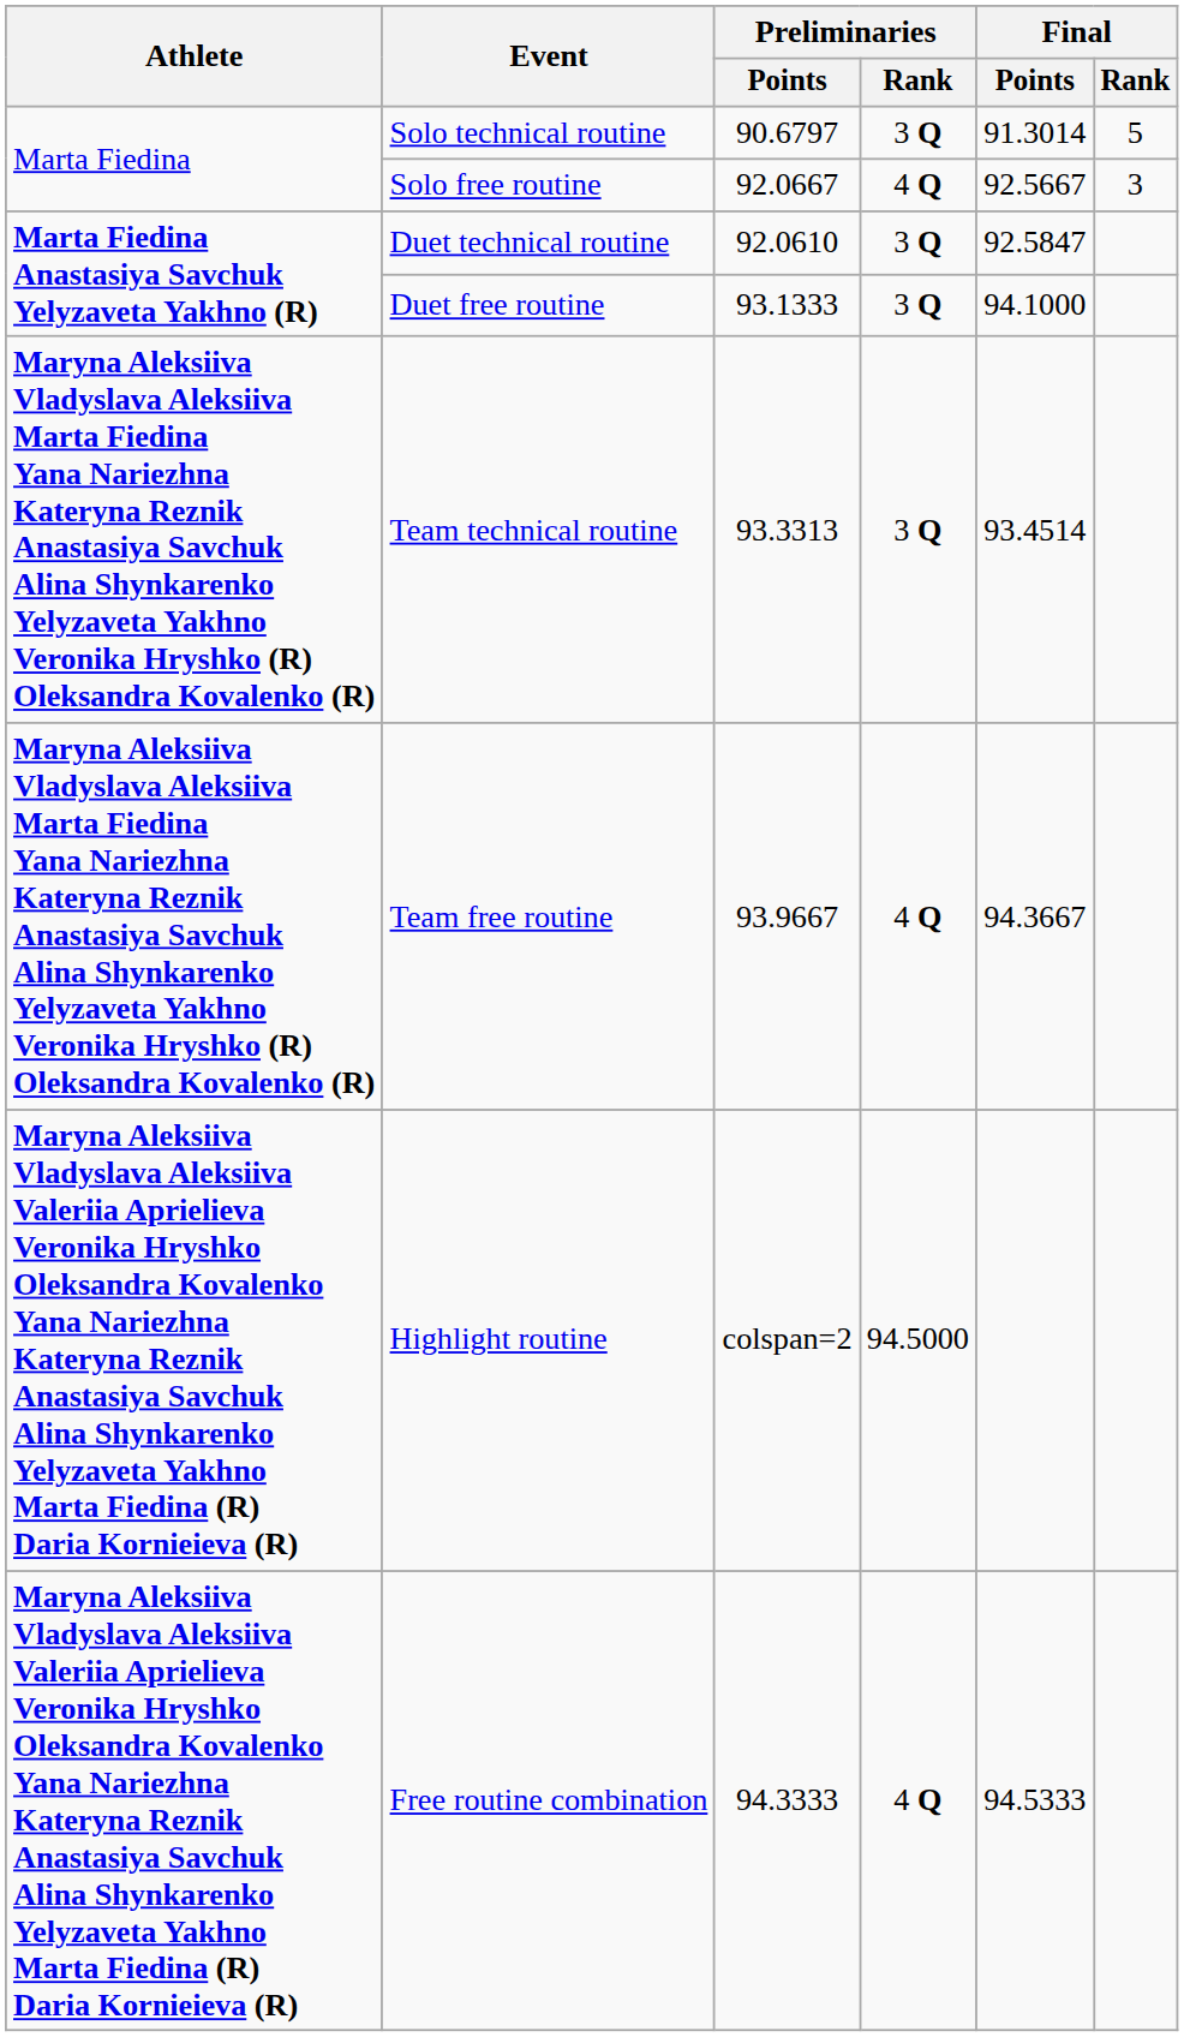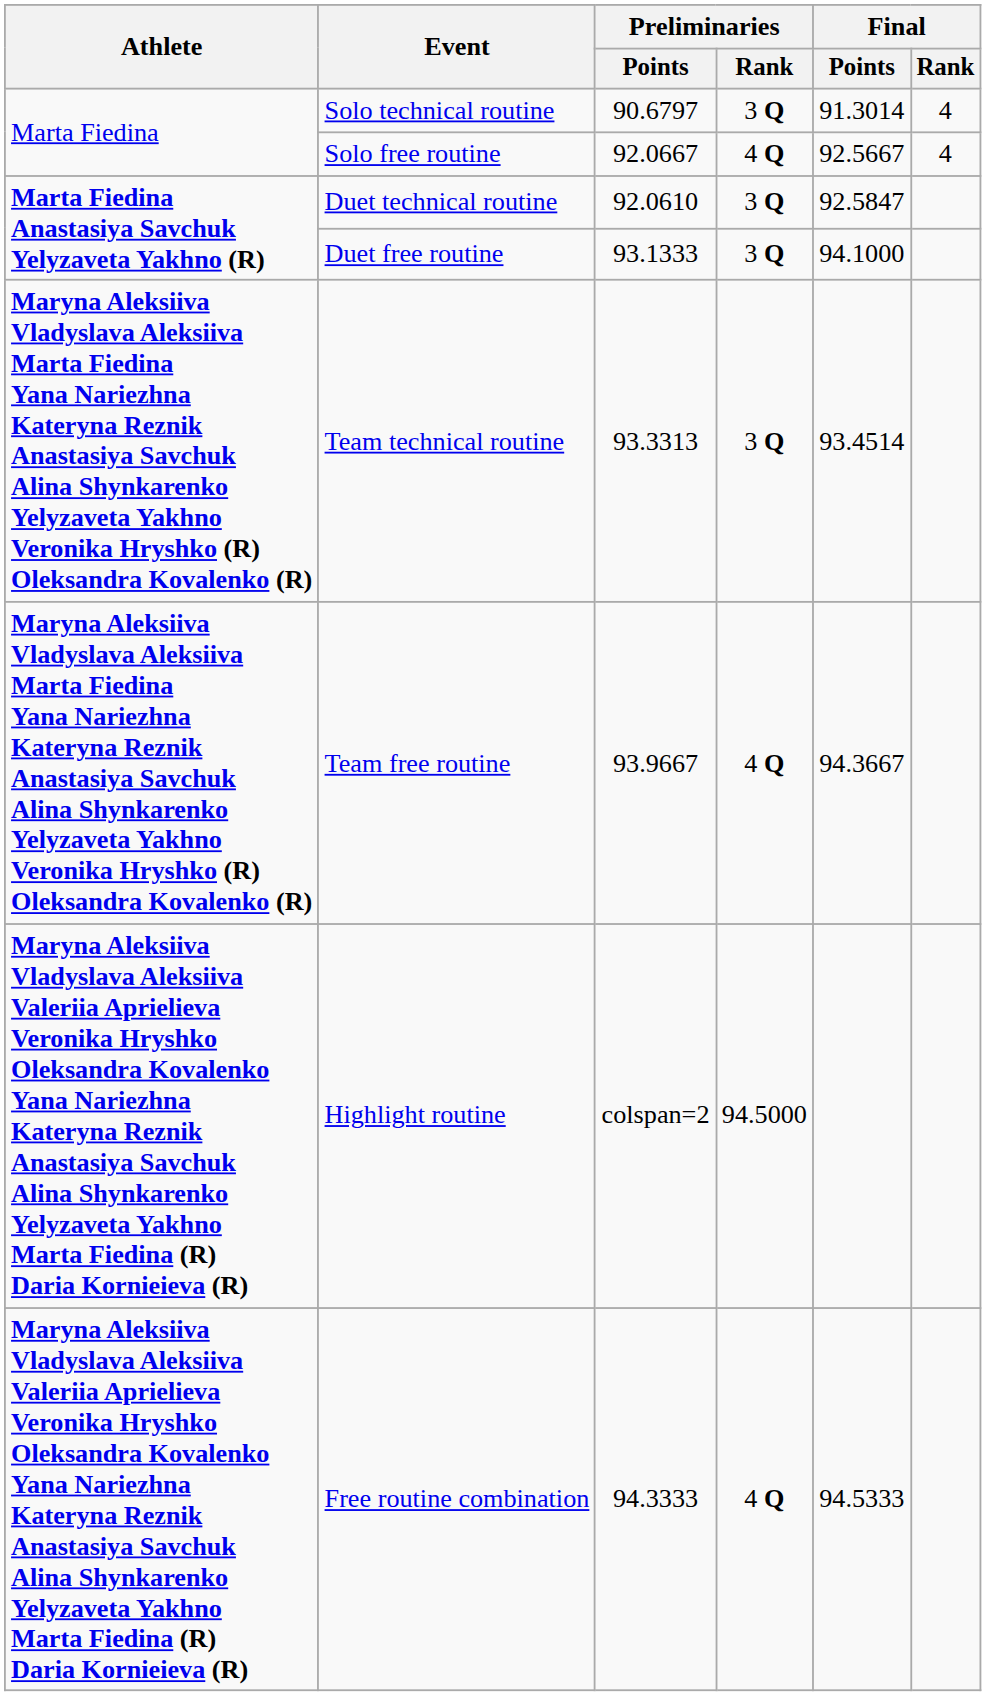 <table class="wikitable" style="text-align:center; font-size:90%">
 <tr>
 <th rowspan=2>Athlete</th>
 <th rowspan=2>Event</th>
 <th colspan=2>Preliminaries</th>
 <th colspan=2>Final</th>
 </tr>
 <tr style="font-size:95%">
 <th>Points</th>
 <th>Rank</th>
 <th>Points</th>
 <th>Rank</th>
 </tr>
 <tr>
 <td align=left rowspan=2><a href='#'>Marta Fiedina</a></td>
 <td align=left><a href='#'>Solo technical routine</a></td>
 <td>90.6797</td>
 <td>3 <strong>Q</strong></td>
 <td>91.3014</td>
-<td>5</td>
+<td>4</td>
 </tr>
 <tr>
 <td align=left><a href='#'>Solo free routine</a></td>
 <td>92.0667</td>
 <td>4 <strong>Q</strong></td>
 <td>92.5667</td>
-<td>3</td>
+<td>4</td>
 </tr>
 <tr>
 <td align=left rowspan=2><strong><a href='#'>Marta Fiedina</a><br><a href='#'>Anastasiya Savchuk</a><br><a href='#'>Yelyzaveta Yakhno</a> (R)</strong></td>
 <td align=left><a href='#'>Duet technical routine</a></td>
 <td>92.0610</td>
 <td>3 <strong>Q</strong></td>
 <td>92.5847</td>
 <td></td>
 </tr>
 <tr>
 <td align=left><a href='#'>Duet free routine</a></td>
 <td>93.1333</td>
 <td>3 <strong>Q</strong></td>
 <td>94.1000</td>
 <td></td>
 </tr>
 <tr>
 <td align=left><strong><a href='#'>Maryna Aleksiiva</a><br><a href='#'>Vladyslava Aleksiiva</a><br><a href='#'>Marta Fiedina</a><br><a href='#'>Yana Nariezhna</a><br><a href='#'>Kateryna Reznik</a><br><a href='#'>Anastasiya Savchuk</a><br><a href='#'>Alina Shynkarenko</a><br><a href='#'>Yelyzaveta Yakhno</a><br><a href='#'>Veronika Hryshko</a> (R)<br><a href='#'>Oleksandra Kovalenko</a> (R)</strong></td>
 <td align=left><a href='#'>Team technical routine</a></td>
 <td>93.3313</td>
 <td>3 <strong>Q</strong></td>
 <td>93.4514</td>
 <td></td>
 </tr>
 <tr>
 <td align=left><strong><a href='#'>Maryna Aleksiiva</a><br><a href='#'>Vladyslava Aleksiiva</a><br><a href='#'>Marta Fiedina</a><br><a href='#'>Yana Nariezhna</a><br><a href='#'>Kateryna Reznik</a><br><a href='#'>Anastasiya Savchuk</a><br><a href='#'>Alina Shynkarenko</a><br><a href='#'>Yelyzaveta Yakhno</a><br><a href='#'>Veronika Hryshko</a> (R)<br><a href='#'>Oleksandra Kovalenko</a> (R)</strong></td>
 <td align=left><a href='#'>Team free routine</a></td>
 <td>93.9667</td>
 <td>4 <strong>Q</strong></td>
 <td>94.3667</td>
 <td></td>
 </tr>
 <tr align=center>
 <td align=left><strong><a href='#'>Maryna Aleksiiva</a><br><a href='#'>Vladyslava Aleksiiva</a><br><a href='#'>Valeriia Aprielieva</a><br><a href='#'>Veronika Hryshko</a><br><a href='#'>Oleksandra Kovalenko</a><br><a href='#'>Yana Nariezhna</a><br><a href='#'>Kateryna Reznik</a><br><a href='#'>Anastasiya Savchuk</a><br><a href='#'>Alina Shynkarenko</a><br><a href='#'>Yelyzaveta Yakhno</a><br><a href='#'>Marta Fiedina</a> (R)<br><a href='#'>Daria Kornieieva</a> (R)</strong></td>
 <td align=left><a href='#'>Highlight routine</a></td>
 <td>colspan=2 </td>
 <td>94.5000</td>
 <td></td>
 </tr>
 <tr>
 <td align=left><strong><a href='#'>Maryna Aleksiiva</a><br><a href='#'>Vladyslava Aleksiiva</a><br><a href='#'>Valeriia Aprielieva</a><br><a href='#'>Veronika Hryshko</a><br><a href='#'>Oleksandra Kovalenko</a><br><a href='#'>Yana Nariezhna</a><br><a href='#'>Kateryna Reznik</a><br><a href='#'>Anastasiya Savchuk</a><br><a href='#'>Alina Shynkarenko</a><br><a href='#'>Yelyzaveta Yakhno</a><br><a href='#'>Marta Fiedina</a> (R)<br><a href='#'>Daria Kornieieva</a> (R)</strong></td>
 <td align=left><a href='#'>Free routine combination</a></td>
 <td>94.3333</td>
 <td>4 <strong>Q</strong></td>
 <td>94.5333</td>
 <td></td>
 </tr>
 </table>
